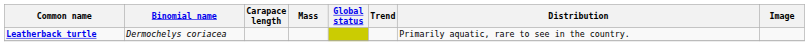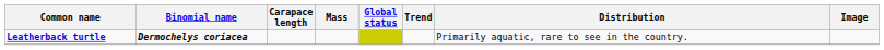 <table class="wikitable sortable">
 <tr>
 <th width="15%">Common name</th>
 <th width="15%"><a href='#'>Binomial name</a></th>
 <th width="5%">Carapace length</th>
 <th width="5%">Mass</th>
 <th width="5%"><a href='#'>Global status</a></th>
 <th width="1%">Trend</th>
 <th class="unsortable">Distribution</th>
 <th class="unsortable">Image</th>
 </tr>
 <tr>
 <td><strong><a href='#'>Leatherback turtle</a></strong></td>
-<td><em>Dermochelys coriacea</em></td>
+<td><strong><em>Dermochelys coriacea</em></strong></td>
 <td></td>
 <td></td>
 <td align=center style="background: #cbcc02"></td>
 <td align=center></td>
 <td>Primarily aquatic, rare to see in the country.</td>
 <td></td>
 </tr>
 <tr>
 </tr>
 </table>
